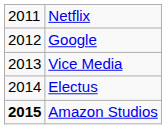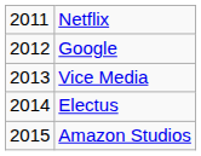 <table class="wikitable">
 <tr>
 <td>2011</td>
 <td><a href='#'>Netflix</a></td>
 </tr>
 <tr>
 <td>2012</td>
 <td><a href='#'>Google</a></td>
 </tr>
 <tr>
 <td>2013</td>
 <td><a href='#'>Vice Media</a></td>
 </tr>
 <tr>
 <td>2014</td>
 <td><a href='#'>Electus</a></td>
 </tr>
 <tr>
-<td><strong>2015</strong></td>
+<td>2015</td>
 <td><a href='#'>Amazon Studios</a></td>
 </tr>
 </table>
